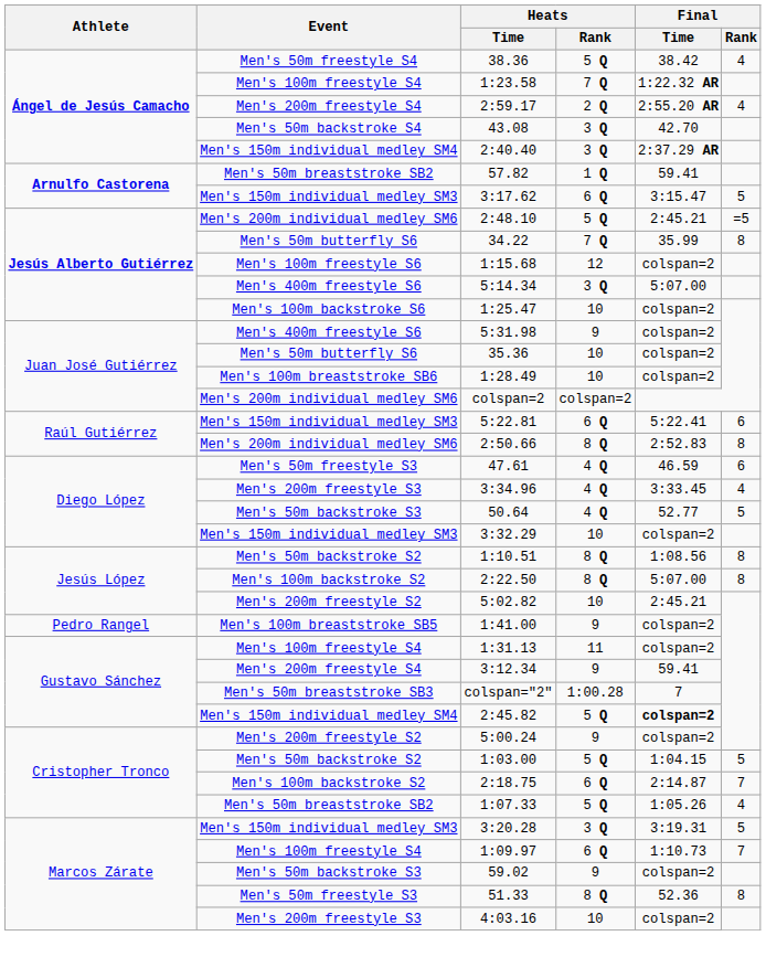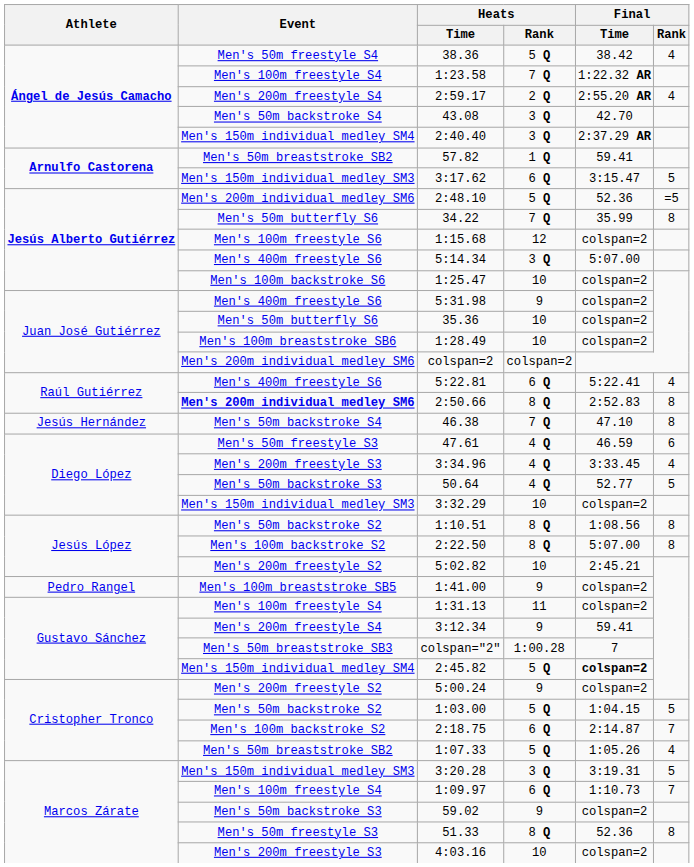 <table class="wikitable" style="font-size:90%; text-align:center">
 <tr>
 <th rowspan="2">Athlete</th>
 <th rowspan="2">Event</th>
 <th colspan="2">Heats</th>
 <th colspan="2">Final</th>
 </tr>
 <tr>
 <th>Time</th>
 <th>Rank</th>
 <th>Time</th>
 <th>Rank</th>
 </tr>
 <tr>
 <td rowspan="5"><strong><a href='#'>Ángel de Jesús Camacho</a></strong></td>
 <td><a href='#'>Men's 50m freestyle S4</a></td>
 <td>38.36</td>
 <td>5 <strong>Q</strong></td>
 <td>38.42</td>
 <td>4</td>
 </tr>
 <tr>
 <td><a href='#'>Men's 100m freestyle S4</a></td>
 <td>1:23.58</td>
 <td>7 <strong>Q</strong></td>
 <td>1:22.32 <strong>AR</strong></td>
 <td></td>
 </tr>
 <tr>
 <td><a href='#'>Men's 200m freestyle S4</a></td>
 <td>2:59.17</td>
 <td>2 <strong>Q</strong></td>
 <td>2:55.20 <strong>AR</strong></td>
 <td>4</td>
 </tr>
 <tr>
 <td><a href='#'>Men's 50m backstroke S4</a></td>
 <td>43.08</td>
 <td>3 <strong>Q</strong></td>
 <td>42.70</td>
 <td></td>
 </tr>
 <tr>
 <td><a href='#'>Men's 150m individual medley SM4</a></td>
 <td>2:40.40</td>
 <td>3 <strong>Q</strong></td>
 <td>2:37.29 <strong>AR</strong></td>
 <td></td>
 </tr>
 <tr>
 <td rowspan="2"><strong><a href='#'>Arnulfo Castorena</a></strong></td>
 <td><a href='#'>Men's 50m breaststroke SB2</a></td>
 <td>57.82</td>
 <td>1 <strong>Q</strong></td>
 <td>59.41</td>
 <td></td>
 </tr>
 <tr>
 <td><a href='#'>Men's 150m individual medley SM3</a></td>
 <td>3:17.62</td>
 <td>6 <strong>Q</strong></td>
 <td>3:15.47</td>
 <td>5</td>
 </tr>
 <tr>
 <td rowspan="5"><strong><a href='#'>Jesús Alberto Gutiérrez</a></strong></td>
 <td><a href='#'>Men's 200m individual medley SM6</a></td>
 <td>2:48.10</td>
 <td>5 <strong>Q</strong></td>
-<td>2:45.21</td>
+<td>52.36</td>
 <td>=5</td>
 </tr>
 <tr>
 <td><a href='#'>Men's 50m butterfly S6</a></td>
 <td>34.22</td>
 <td>7 <strong>Q</strong></td>
 <td>35.99</td>
 <td>8</td>
 </tr>
 <tr>
 <td><a href='#'>Men's 100m freestyle S6</a></td>
 <td>1:15.68</td>
 <td>12</td>
 <td>colspan=2</td>
 </tr>
 <tr>
 <td><a href='#'>Men's 400m freestyle S6</a></td>
 <td>5:14.34</td>
 <td>3 <strong>Q</strong></td>
 <td>5:07.00</td>
 <td></td>
 </tr>
 <tr>
 <td><a href='#'>Men's 100m backstroke S6</a></td>
 <td>1:25.47</td>
 <td>10</td>
 <td>colspan=2</td>
 </tr>
 <tr>
 <td rowspan="4"><a href='#'>Juan José Gutiérrez</a></td>
 <td><a href='#'>Men's 400m freestyle S6</a></td>
 <td>5:31.98</td>
 <td>9</td>
 <td>colspan=2</td>
 </tr>
 <tr>
 <td><a href='#'>Men's 50m butterfly S6</a></td>
 <td>35.36</td>
 <td>10</td>
 <td>colspan=2</td>
 </tr>
 <tr>
 <td><a href='#'>Men's 100m breaststroke SB6</a></td>
 <td>1:28.49</td>
 <td>10</td>
 <td>colspan=2</td>
 </tr>
 <tr>
 <td><a href='#'>Men's 200m individual medley SM6</a></td>
 <td>colspan=2</td>
 <td>colspan=2</td>
 </tr>
 <tr>
 <td rowspan="2"><a href='#'>Raúl Gutiérrez</a></td>
-<td><a href='#'>Men's 150m individual medley SM3</a></td>
+<td><a href='#'>Men's 400m freestyle S6</a></td>
 <td>5:22.81</td>
 <td>6 <strong>Q</strong></td>
 <td>5:22.41</td>
-<td>6</td>
+<td>4</td>
 </tr>
 <tr>
-<td><a href='#'>Men's 200m individual medley SM6</a></td>
+<td><strong><a href='#'>Men's 200m individual medley SM6</a></strong></td>
 <td>2:50.66</td>
 <td>8 <strong>Q</strong></td>
 <td>2:52.83</td>
+<td>8</td>
+</tr>
+<tr>
+<td><a href='#'>Jesús Hernández</a></td>
+<td><a href='#'>Men's 50m backstroke S4</a></td>
+<td>46.38</td>
+<td>7 <strong>Q</strong></td>
+<td>47.10</td>
 <td>8</td>
 </tr>
 <tr>
 <td rowspan="4"><a href='#'>Diego López</a></td>
 <td><a href='#'>Men's 50m freestyle S3</a></td>
 <td>47.61</td>
 <td>4 <strong>Q</strong></td>
 <td>46.59</td>
 <td>6</td>
 </tr>
 <tr>
 <td><a href='#'>Men's 200m freestyle S3</a></td>
 <td>3:34.96</td>
 <td>4 <strong>Q</strong></td>
 <td>3:33.45</td>
 <td>4</td>
 </tr>
 <tr>
 <td><a href='#'>Men's 50m backstroke S3</a></td>
 <td>50.64</td>
 <td>4 <strong>Q</strong></td>
 <td>52.77</td>
 <td>5</td>
 </tr>
 <tr>
 <td><a href='#'>Men's 150m individual medley SM3</a></td>
 <td>3:32.29</td>
 <td>10</td>
 <td>colspan=2</td>
 </tr>
 <tr>
 <td rowspan="3"><a href='#'>Jesús López</a></td>
 <td><a href='#'>Men's 50m backstroke S2</a></td>
 <td>1:10.51</td>
 <td>8 <strong>Q</strong></td>
 <td>1:08.56</td>
 <td>8</td>
 </tr>
 <tr>
 <td><a href='#'>Men's 100m backstroke S2</a></td>
 <td>2:22.50</td>
 <td>8 <strong>Q</strong></td>
 <td>5:07.00</td>
 <td>8</td>
 </tr>
 <tr>
 <td><a href='#'>Men's 200m freestyle S2</a></td>
 <td>5:02.82</td>
 <td>10</td>
 <td>2:45.21</td>
 </tr>
 <tr>
 <td><a href='#'>Pedro Rangel</a></td>
 <td><a href='#'>Men's 100m breaststroke SB5</a></td>
 <td>1:41.00</td>
 <td>9</td>
 <td>colspan=2</td>
 </tr>
 <tr>
 <td rowspan="4"><a href='#'>Gustavo Sánchez</a></td>
 <td><a href='#'>Men's 100m freestyle S4</a></td>
 <td>1:31.13</td>
 <td>11</td>
 <td>colspan=2</td>
 </tr>
 <tr>
 <td><a href='#'>Men's 200m freestyle S4</a></td>
 <td>3:12.34</td>
 <td>9</td>
 <td>59.41</td>
 </tr>
 <tr>
 <td><a href='#'>Men's 50m breaststroke SB3</a></td>
 <td>colspan="2" </td>
 <td>1:00.28</td>
 <td>7</td>
 </tr>
 <tr>
 <td><a href='#'>Men's 150m individual medley SM4</a></td>
 <td>2:45.82</td>
 <td>5 <strong>Q</strong></td>
 <td><strong>colspan=2</strong></td>
 </tr>
 <tr>
 <td rowspan="4"><a href='#'>Cristopher Tronco</a></td>
 <td><a href='#'>Men's 200m freestyle S2</a></td>
 <td>5:00.24</td>
 <td>9</td>
 <td>colspan=2</td>
 </tr>
 <tr>
 <td><a href='#'>Men's 50m backstroke S2</a></td>
 <td>1:03.00</td>
 <td>5 <strong>Q</strong></td>
 <td>1:04.15</td>
 <td>5</td>
 </tr>
 <tr>
 <td><a href='#'>Men's 100m backstroke S2</a></td>
 <td>2:18.75</td>
 <td>6 <strong>Q</strong></td>
 <td>2:14.87</td>
 <td>7</td>
 </tr>
 <tr>
 <td><a href='#'>Men's 50m breaststroke SB2</a></td>
 <td>1:07.33</td>
 <td>5 <strong>Q</strong></td>
 <td>1:05.26</td>
 <td>4</td>
 </tr>
 <tr>
 <td rowspan="5"><a href='#'>Marcos Zárate</a></td>
 <td><a href='#'>Men's 150m individual medley SM3</a></td>
 <td>3:20.28</td>
 <td>3 <strong>Q</strong></td>
 <td>3:19.31</td>
 <td>5</td>
 </tr>
 <tr>
 <td><a href='#'>Men's 100m freestyle S4</a></td>
 <td>1:09.97</td>
 <td>6 <strong>Q</strong></td>
 <td>1:10.73</td>
 <td>7</td>
 </tr>
 <tr>
 <td><a href='#'>Men's 50m backstroke S3</a></td>
 <td>59.02</td>
 <td>9</td>
 <td>colspan=2</td>
 </tr>
 <tr>
 <td><a href='#'>Men's 50m freestyle S3</a></td>
 <td>51.33</td>
 <td>8 <strong>Q</strong></td>
 <td>52.36</td>
 <td>8</td>
 </tr>
 <tr>
 <td><a href='#'>Men's 200m freestyle S3</a></td>
 <td>4:03.16</td>
 <td>10</td>
 <td>colspan=2</td>
 </tr>
 <tr>
 </tr>
 </table>
